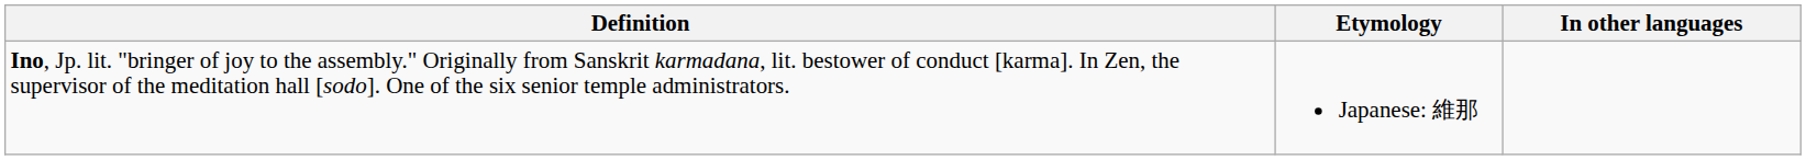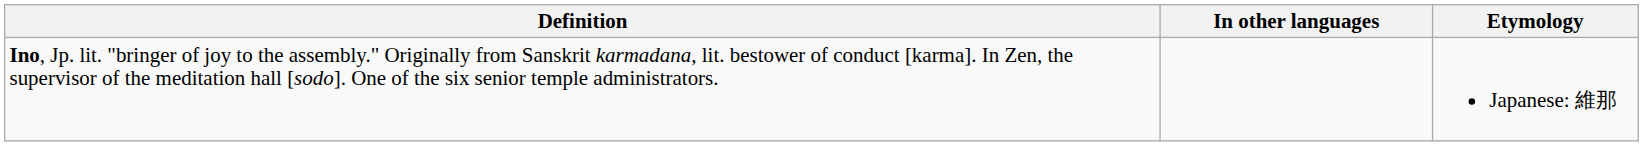 <table class="wikitable" border="1" style="border-collapse: collapse;">
 <tr>
 <th>Definition</th>
+<th>In other languages</th>
 <th>Etymology</th>
-<th>In other languages</th>
 </tr>
 <tr valign=top style="width:450px">
 <td><strong>Ino</strong>, Jp. lit. "bringer of joy to the assembly." Originally from Sanskrit <em>karmadana</em>, lit. bestower of conduct [karma]. In Zen, the supervisor of the meditation hall [<em>sodo</em>]. One of the six senior temple administrators.</td>
+<td style="width:200px"></td>
 <td style="width:150px"><br><ul><li>Japanese: 維那</li></ul></td>
-<td style="width:200px"></td>
 </tr>
 </table>
